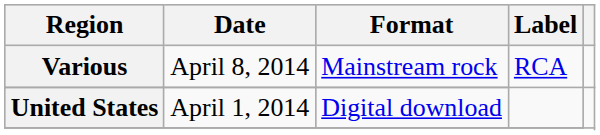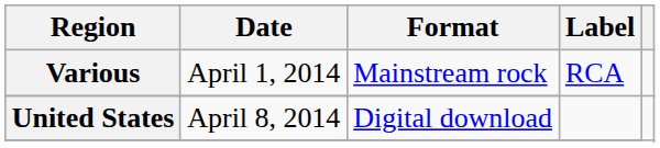 <table class="wikitable plainrowheaders">
 <tr>
 <th scope="col">Region</th>
 <th>Date</th>
 <th>Format</th>
 <th>Label</th>
 <th></th>
 </tr>
 <tr>
 <th scope="row">Various</th>
-<td>April 8, 2014</td>
+<td>April 1, 2014</td>
 <td><a href='#'>Mainstream rock</a></td>
 <td rowspan="2"><a href='#'>RCA</a></td>
 <td align="center"></td>
 </tr>
 <tr>
 </tr>
 <tr>
 <th scope="row">United States</th>
-<td>April 1, 2014</td>
+<td>April 8, 2014</td>
 <td><a href='#'>Digital download</a></td>
 <td align="center"></td>
 </tr>
 <tr>
 </tr>
 </table>
